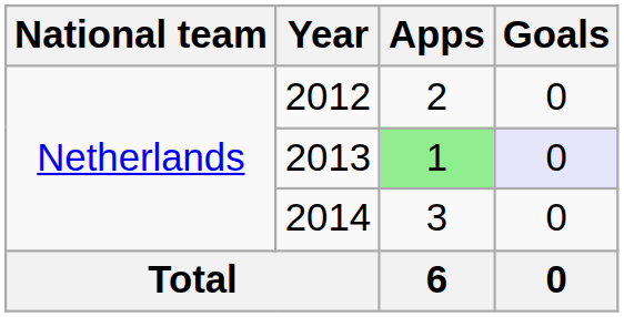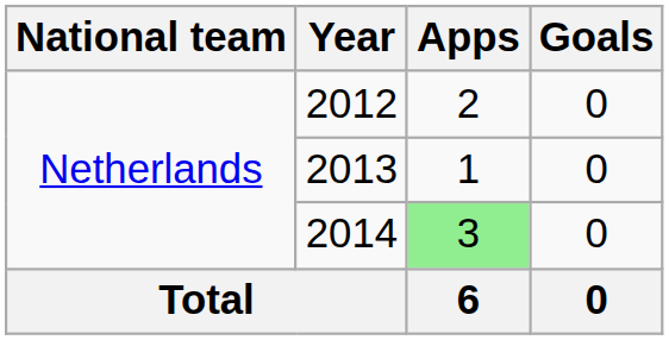 <table class="wikitable" style="text-align:center">
 <tr>
 <th>National team</th>
 <th>Year</th>
 <th>Apps</th>
 <th>Goals</th>
 </tr>
 <tr>
 <td rowspan="3"><a href='#'>Netherlands</a></td>
 <td>2012</td>
 <td>2</td>
 <td>0</td>
 </tr>
 <tr>
 <td>2013</td>
-<td style="background: lightgreen;">1</td>
-<td style="background: lavender;">0</td>
+<td>1</td>
+<td>0</td>
 </tr>
 <tr>
 <td>2014</td>
-<td>3</td>
+<td style="background: lightgreen;">3</td>
 <td>0</td>
 </tr>
 <tr>
 <th colspan="2">Total</th>
 <th>6</th>
 <th>0</th>
 </tr>
 </table>
